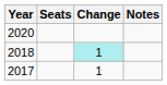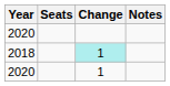 <table class="wikitable" style="font-size:95%;text-align:center;">
 <tr>
 <th>Year</th>
 <th>Seats</th>
 <th>Change</th>
 <th>Notes</th>
 </tr>
 <tr>
 <td>2020</td>
 <td></td>
 <td></td>
 <td></td>
 </tr>
 <tr>
 <td>2018</td>
 <td></td>
 <td style="background: paleturquoise;"> 1</td>
 <td></td>
 </tr>
 <tr>
-<td>2017</td>
+<td>2020</td>
 <td></td>
 <td> 1</td>
 <td></td>
 </tr>
 </table>
